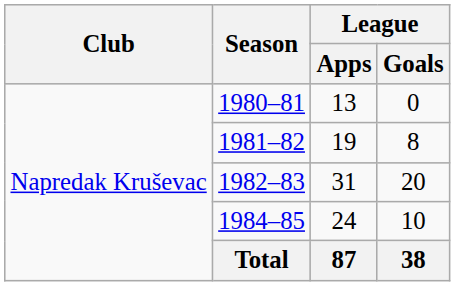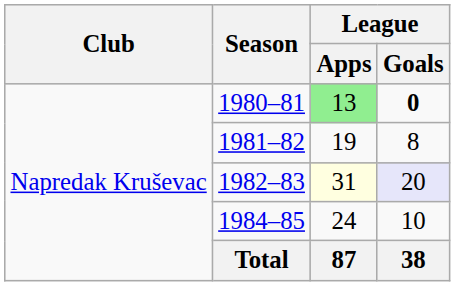 <table class="wikitable" style="text-align:center">
 <tr>
 <th rowspan="2">Club</th>
 <th rowspan="2">Season</th>
 <th colspan="2">League</th>
 </tr>
 <tr>
 <th>Apps</th>
 <th>Goals</th>
 </tr>
 <tr>
 <td rowspan="5"><a href='#'>Napredak Kruševac</a></td>
 <td><a href='#'>1980–81</a></td>
-<td>13</td>
-<td>0</td>
+<td style="background: lightgreen;">13</td>
+<td><strong>0</strong></td>
 </tr>
 <tr>
 <td><a href='#'>1981–82</a></td>
 <td>19</td>
 <td>8</td>
 </tr>
 <tr>
 <td><a href='#'>1982–83</a></td>
-<td>31</td>
-<td>20</td>
+<td style="background: lightyellow;">31</td>
+<td style="background: lavender;">20</td>
 </tr>
 <tr>
 <td><a href='#'>1984–85</a></td>
 <td>24</td>
 <td>10</td>
 </tr>
 <tr>
 <th>Total</th>
 <th>87</th>
 <th>38</th>
 </tr>
 </table>
